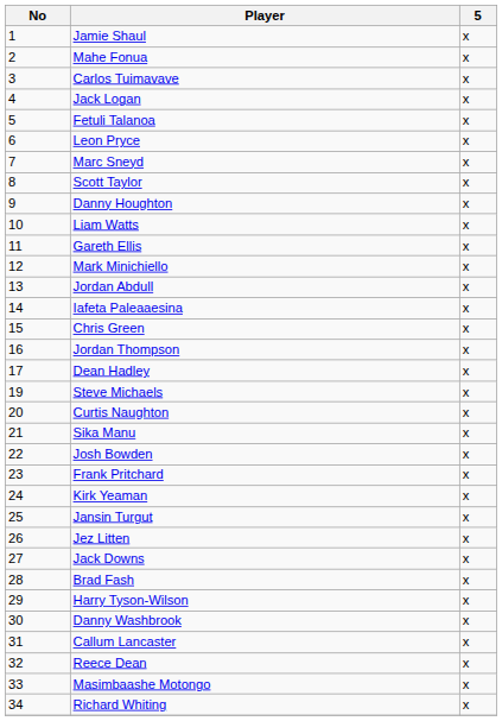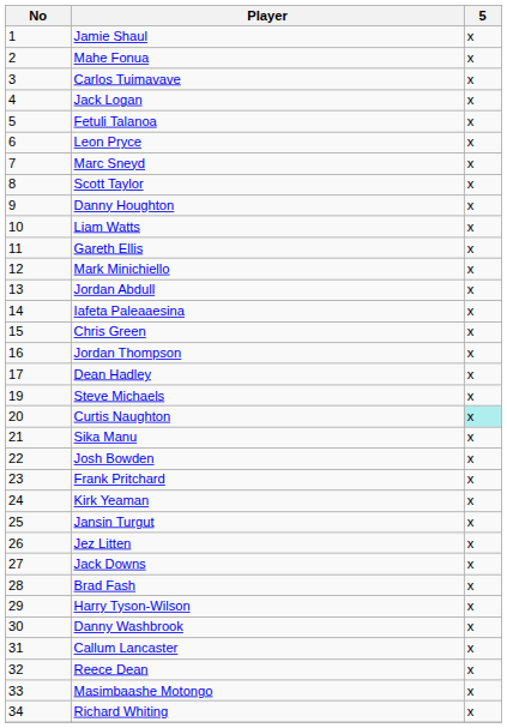 <table class="wikitable"  style="font-size:85%; width:40%;">
 <tr>
 <th>No</th>
 <th>Player</th>
 <th>5</th>
 </tr>
 <tr>
 <td>1</td>
 <td><a href='#'>Jamie Shaul</a></td>
 <td>x</td>
 </tr>
 <tr>
 <td>2</td>
 <td><a href='#'>Mahe Fonua</a></td>
 <td>x</td>
 </tr>
 <tr>
 <td>3</td>
 <td><a href='#'>Carlos Tuimavave</a></td>
 <td>x</td>
 </tr>
 <tr>
 <td>4</td>
 <td><a href='#'>Jack Logan</a></td>
 <td>x</td>
 </tr>
 <tr>
 <td>5</td>
 <td><a href='#'>Fetuli Talanoa</a></td>
 <td>x</td>
 </tr>
 <tr>
 <td>6</td>
 <td><a href='#'>Leon Pryce</a></td>
 <td>x</td>
 </tr>
 <tr>
 <td>7</td>
 <td><a href='#'>Marc Sneyd</a></td>
 <td>x</td>
 </tr>
 <tr>
 <td>8</td>
 <td><a href='#'>Scott Taylor</a></td>
 <td>x</td>
 </tr>
 <tr>
 <td>9</td>
 <td><a href='#'>Danny Houghton</a></td>
 <td>x</td>
 </tr>
 <tr>
 <td>10</td>
 <td><a href='#'>Liam Watts</a></td>
 <td>x</td>
 </tr>
 <tr>
 <td>11</td>
 <td><a href='#'>Gareth Ellis</a></td>
 <td>x</td>
 </tr>
 <tr>
 <td>12</td>
 <td><a href='#'>Mark Minichiello</a></td>
 <td>x</td>
 </tr>
 <tr>
 <td>13</td>
 <td><a href='#'>Jordan Abdull</a></td>
 <td>x</td>
 </tr>
 <tr>
 <td>14</td>
 <td><a href='#'>Iafeta Paleaaesina</a></td>
 <td>x</td>
 </tr>
 <tr>
 <td>15</td>
 <td><a href='#'>Chris Green</a></td>
 <td>x</td>
 </tr>
 <tr>
 <td>16</td>
 <td><a href='#'>Jordan Thompson</a></td>
 <td>x</td>
 </tr>
 <tr>
 <td>17</td>
 <td><a href='#'>Dean Hadley</a></td>
 <td>x</td>
 </tr>
 <tr>
 <td>19</td>
 <td><a href='#'>Steve Michaels</a></td>
 <td>x</td>
 </tr>
 <tr>
 <td>20</td>
 <td><a href='#'>Curtis Naughton</a></td>
-<td>x</td>
+<td style="background: paleturquoise;">x</td>
 </tr>
 <tr>
 <td>21</td>
 <td><a href='#'>Sika Manu</a></td>
 <td>x</td>
 </tr>
 <tr>
 <td>22</td>
 <td><a href='#'>Josh Bowden</a></td>
 <td>x</td>
 </tr>
 <tr>
 <td>23</td>
 <td><a href='#'>Frank Pritchard</a></td>
 <td>x</td>
 </tr>
 <tr>
 <td>24</td>
 <td><a href='#'>Kirk Yeaman</a></td>
 <td>x</td>
 </tr>
 <tr>
 <td>25</td>
 <td><a href='#'>Jansin Turgut</a></td>
 <td>x</td>
 </tr>
 <tr>
 <td>26</td>
 <td><a href='#'>Jez Litten</a></td>
 <td>x</td>
 </tr>
 <tr>
 <td>27</td>
 <td><a href='#'>Jack Downs</a></td>
 <td>x</td>
 </tr>
 <tr>
 <td>28</td>
 <td><a href='#'>Brad Fash</a></td>
 <td>x</td>
 </tr>
 <tr>
 <td>29</td>
 <td><a href='#'>Harry Tyson-Wilson</a></td>
 <td>x</td>
 </tr>
 <tr>
 <td>30</td>
 <td><a href='#'>Danny Washbrook</a></td>
 <td>x</td>
 </tr>
 <tr>
 <td>31</td>
 <td><a href='#'>Callum Lancaster</a></td>
 <td>x</td>
 </tr>
 <tr>
 <td>32</td>
 <td><a href='#'>Reece Dean</a></td>
 <td>x</td>
 </tr>
 <tr>
 <td>33</td>
 <td><a href='#'>Masimbaashe Motongo</a></td>
 <td>x</td>
 </tr>
 <tr>
 <td>34</td>
 <td><a href='#'>Richard Whiting</a></td>
 <td>x</td>
 </tr>
 <tr>
 </tr>
 </table>
